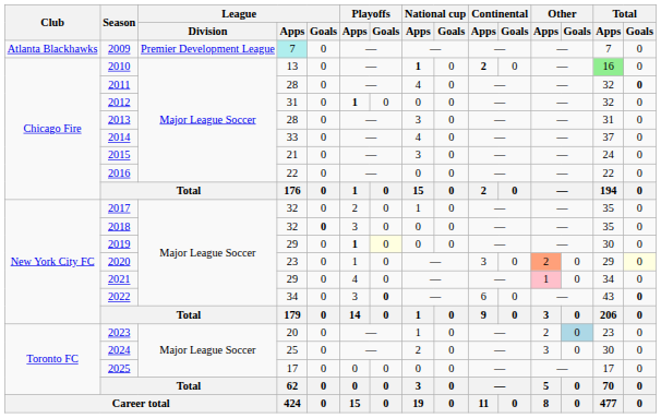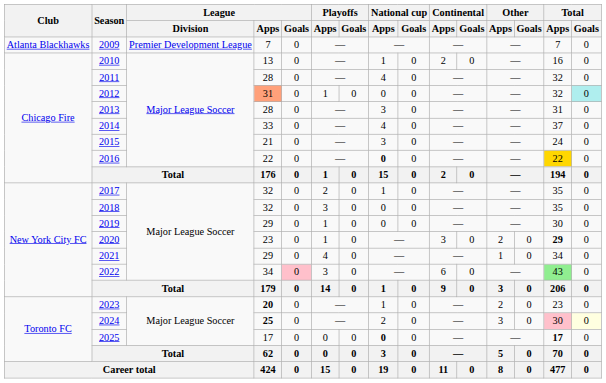 <table class="wikitable" style="text-align:center">
 <tr>
 <th rowspan="2">Club</th>
 <th rowspan="2">Season</th>
 <th colspan="3">League</th>
 <th colspan="2">Playoffs</th>
 <th colspan="2">National cup</th>
 <th colspan="2">Continental</th>
 <th colspan="2">Other</th>
 <th colspan="2">Total</th>
 </tr>
 <tr>
 <th>Division</th>
 <th>Apps</th>
 <th>Goals</th>
 <th>Apps</th>
 <th>Goals</th>
 <th>Apps</th>
 <th>Goals</th>
 <th>Apps</th>
 <th>Goals</th>
 <th>Apps</th>
 <th>Goals</th>
 <th>Apps</th>
 <th>Goals</th>
 </tr>
 <tr>
 <td><a href='#'>Atlanta Blackhawks</a></td>
 <td><a href='#'>2009</a></td>
 <td><a href='#'>Premier Development League</a></td>
-<td style="background: paleturquoise;">7</td>
+<td>7</td>
 <td>0</td>
 <td colspan="2">—</td>
 <td colspan="2">—</td>
 <td colspan="2">—</td>
 <td colspan="2">—</td>
 <td>7</td>
 <td>0</td>
 </tr>
 <tr>
 <td rowspan="8"><a href='#'>Chicago Fire</a></td>
 <td><a href='#'>2010</a></td>
 <td rowspan="7"><a href='#'>Major League Soccer</a></td>
 <td>13</td>
 <td>0</td>
 <td colspan="2">—</td>
-<td><strong>1</strong></td>
+<td>1</td>
 <td>0</td>
-<td><strong>2</strong></td>
+<td>2</td>
 <td>0</td>
 <td colspan="2">—</td>
-<td style="background: lightgreen;">16</td>
+<td>16</td>
 <td>0</td>
 </tr>
 <tr>
 <td><a href='#'>2011</a></td>
 <td>28</td>
 <td>0</td>
 <td colspan="2">—</td>
 <td>4</td>
 <td>0</td>
 <td colspan="2">—</td>
 <td colspan="2">—</td>
 <td>32</td>
-<td><strong>0</strong></td>
+<td>0</td>
 </tr>
 <tr>
 <td><a href='#'>2012</a></td>
-<td>31</td>
+<td style="background: lightsalmon;">31</td>
 <td>0</td>
-<td><strong>1</strong></td>
+<td>1</td>
 <td>0</td>
 <td>0</td>
 <td>0</td>
 <td colspan="2">—</td>
 <td colspan="2">—</td>
 <td>32</td>
-<td>0</td>
+<td style="background: paleturquoise;">0</td>
 </tr>
 <tr>
 <td><a href='#'>2013</a></td>
 <td>28</td>
 <td>0</td>
 <td colspan="2">—</td>
 <td>3</td>
 <td>0</td>
 <td colspan="2">—</td>
 <td colspan="2">—</td>
 <td>31</td>
 <td>0</td>
 </tr>
 <tr>
 <td><a href='#'>2014</a></td>
 <td>33</td>
 <td>0</td>
 <td colspan="2">—</td>
 <td>4</td>
 <td>0</td>
 <td colspan="2">—</td>
 <td colspan="2">—</td>
 <td>37</td>
 <td>0</td>
 </tr>
 <tr>
 <td><a href='#'>2015</a></td>
 <td>21</td>
 <td>0</td>
 <td colspan="2">—</td>
 <td>3</td>
 <td>0</td>
 <td colspan="2">—</td>
 <td colspan="2">—</td>
 <td>24</td>
 <td>0</td>
 </tr>
 <tr>
 <td><a href='#'>2016</a></td>
 <td>22</td>
 <td>0</td>
 <td colspan="2">—</td>
-<td>0</td>
+<td><strong>0</strong></td>
 <td>0</td>
 <td colspan="2">—</td>
 <td colspan="2">—</td>
-<td>22</td>
+<td style="background: gold;">22</td>
 <td>0</td>
 </tr>
 <tr>
 <th colspan="2">Total</th>
 <th>176</th>
 <th>0</th>
 <th>1</th>
 <th>0</th>
 <th>15</th>
 <th>0</th>
 <th>2</th>
 <th>0</th>
 <th colspan="2">—</th>
 <th>194</th>
 <th>0</th>
 </tr>
 <tr>
 <td rowspan="7"><a href='#'>New York City FC</a></td>
 <td><a href='#'>2017</a></td>
 <td rowspan="6">Major League Soccer</td>
 <td>32</td>
 <td>0</td>
 <td>2</td>
 <td>0</td>
 <td>1</td>
 <td>0</td>
 <td colspan="2">—</td>
 <td colspan="2">—</td>
 <td>35</td>
 <td>0</td>
 </tr>
 <tr>
 <td><a href='#'>2018</a></td>
 <td>32</td>
-<td><strong>0</strong></td>
+<td>0</td>
 <td>3</td>
 <td>0</td>
 <td>0</td>
 <td>0</td>
 <td colspan="2">—</td>
 <td colspan="2">—</td>
 <td>35</td>
 <td>0</td>
 </tr>
 <tr>
 <td><a href='#'>2019</a></td>
 <td>29</td>
 <td>0</td>
-<td><strong>1</strong></td>
-<td style="background: lightyellow;">0</td>
+<td>1</td>
+<td>0</td>
 <td>0</td>
 <td>0</td>
 <td colspan="2">—</td>
 <td colspan="2">—</td>
 <td>30</td>
 <td>0</td>
 </tr>
 <tr>
 <td><a href='#'>2020</a></td>
 <td>23</td>
 <td>0</td>
 <td>1</td>
 <td>0</td>
 <td colspan="2">—</td>
 <td>3</td>
 <td>0</td>
-<td style="background: lightsalmon;">2</td>
+<td>2</td>
 <td>0</td>
-<td>29</td>
-<td style="background: lightyellow;">0</td>
+<td><strong>29</strong></td>
+<td>0</td>
 </tr>
 <tr>
 <td><a href='#'>2021</a></td>
 <td>29</td>
 <td>0</td>
 <td>4</td>
 <td>0</td>
 <td colspan="2">—</td>
 <td colspan="2">—</td>
-<td style="background: pink;">1</td>
+<td>1</td>
 <td>0</td>
 <td>34</td>
 <td>0</td>
 </tr>
 <tr>
 <td><a href='#'>2022</a></td>
 <td>34</td>
+<td style="background: pink;">0</td>
+<td>3</td>
 <td>0</td>
-<td>3</td>
-<td><strong>0</strong></td>
 <td colspan="2">—</td>
 <td>6</td>
 <td>0</td>
 <td colspan="2">—</td>
-<td>43</td>
-<td><strong>0</strong></td>
+<td style="background: lightgreen;">43</td>
+<td>0</td>
 </tr>
 <tr>
 <th colspan="2">Total</th>
 <th>179</th>
 <th>0</th>
 <th>14</th>
 <th>0</th>
 <th>1</th>
 <th>0</th>
 <th>9</th>
 <th>0</th>
 <th>3</th>
 <th>0</th>
 <th>206</th>
 <th>0</th>
 </tr>
 <tr>
 <td rowspan="4"><a href='#'>Toronto FC</a></td>
 <td><a href='#'>2023</a></td>
 <td rowspan="3">Major League Soccer</td>
-<td>20</td>
+<td><strong>20</strong></td>
 <td>0</td>
 <td colspan="2">—</td>
 <td>1</td>
 <td>0</td>
 <td colspan="2">—</td>
 <td>2</td>
-<td style="background: lightblue;">0</td>
+<td>0</td>
 <td>23</td>
 <td>0</td>
 </tr>
 <tr>
 <td><a href='#'>2024</a></td>
-<td>25</td>
+<td><strong>25</strong></td>
 <td>0</td>
 <td colspan="2">—</td>
 <td>2</td>
 <td>0</td>
 <td colspan="2">—</td>
 <td>3</td>
 <td>0</td>
-<td>30</td>
-<td>0</td>
+<td style="background: pink;">30</td>
+<td style="background: lightyellow;">0</td>
 </tr>
 <tr>
 <td><a href='#'>2025</a></td>
 <td>17</td>
 <td>0</td>
 <td>0</td>
 <td>0</td>
-<td>0</td>
+<td><strong>0</strong></td>
 <td>0</td>
 <td colspan="2">—</td>
 <td colspan="2">—</td>
-<td>17</td>
+<td><strong>17</strong></td>
 <td>0</td>
 </tr>
 <tr>
 <th colspan="2">Total</th>
 <th>62</th>
 <th>0</th>
 <th>0</th>
 <th>0</th>
 <th>3</th>
 <th>0</th>
 <th colspan="2">—</th>
 <th>5</th>
 <th>0</th>
 <th>70</th>
 <th>0</th>
 </tr>
 <tr>
 <th colspan="3">Career total</th>
 <th>424</th>
 <th>0</th>
 <th>15</th>
 <th>0</th>
 <th>19</th>
 <th>0</th>
 <th>11</th>
 <th>0</th>
 <th>8</th>
 <th>0</th>
 <th>477</th>
 <th>0</th>
 </tr>
 </table>
